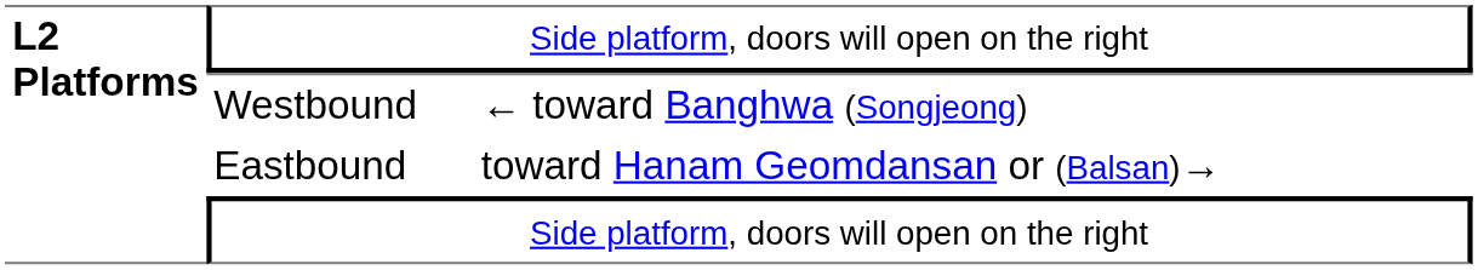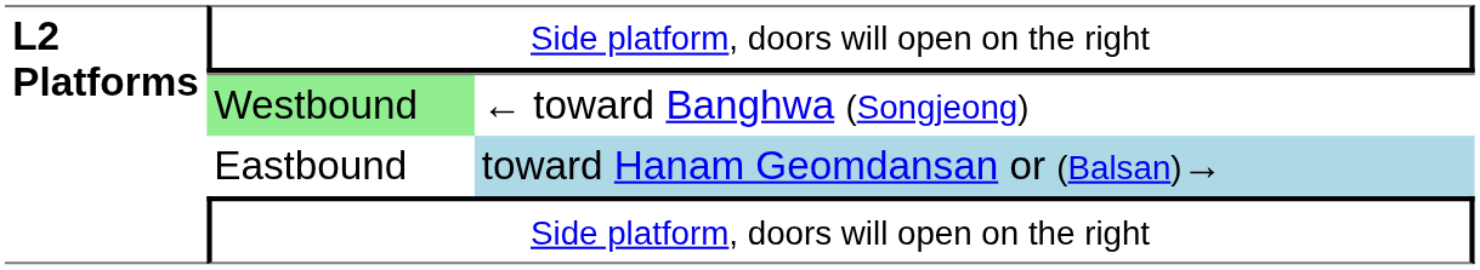 <table table border=0 cellspacing=0 cellpadding=3>
 <tr>
 <td style="border-top:solid 1px gray;border-bottom:solid 1px gray;" width=50 rowspan=10 valign=top><strong>L2<br>Platforms</strong></td>
 <td style="border-top:solid 1px gray;border-right:solid 2px black;border-left:solid 2px black;border-bottom:solid 2px black;text-align:center;" colspan=2><small><a href='#'>Side platform</a>, doors will open on the right</small></td>
 </tr>
 <tr>
-<td style="border-bottom:solid 0px gray;border-top:solid 1px gray;" width=100>Westbound</td>
+<td style="background: lightgreen; border-bottom:solid 0px gray;border-top:solid 1px gray;" width=100>Westbound</td>
 <td style="border-bottom:solid 0px gray;border-top:solid 1px gray;" width=390>←  toward <a href='#'>Banghwa</a> <small>(<a href='#'>Songjeong</a>)</small></td>
 </tr>
 <tr>
 <td>Eastbound</td>
-<td>  toward <a href='#'>Hanam Geomdansan</a> or  <small>(<a href='#'>Balsan</a>)</small>→</td>
+<td style="background: lightblue;">  toward <a href='#'>Hanam Geomdansan</a> or  <small>(<a href='#'>Balsan</a>)</small>→</td>
 </tr>
 <tr>
 <td style="border-top:solid 2px black;border-right:solid 2px black;border-left:solid 2px black;border-bottom:solid 1px gray;text-align:center;" colspan=2><small><a href='#'>Side platform</a>, doors will open on the right</small></td>
 </tr>
 </table>
